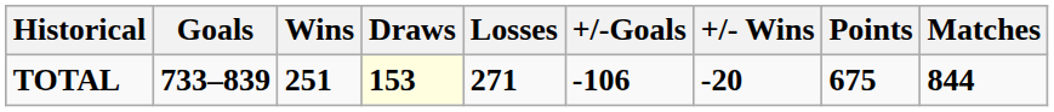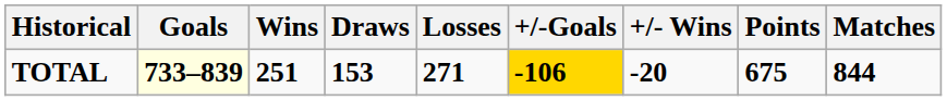 <table class="wikitable">
 <tr>
 <th>Historical</th>
 <th>Goals</th>
 <th>Wins</th>
 <th>Draws</th>
 <th>Losses</th>
 <th>+/-Goals</th>
 <th>+/- Wins</th>
 <th>Points</th>
 <th>Matches</th>
 </tr>
 <tr>
 <td><strong>TOTAL</strong></td>
-<td><strong>733–839</strong></td>
+<td style="background: lightyellow;"><strong>733–839</strong></td>
 <td><strong>251</strong></td>
-<td style="background: lightyellow;"><strong>153</strong></td>
+<td><strong>153</strong></td>
 <td><strong>271</strong></td>
-<td><strong>-106</strong></td>
+<td style="background: gold;"><strong>-106</strong></td>
 <td><strong>-20</strong></td>
 <td><strong>675</strong></td>
 <td><strong>844</strong></td>
 </tr>
 </table>
